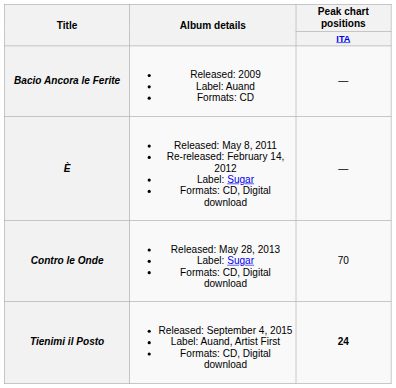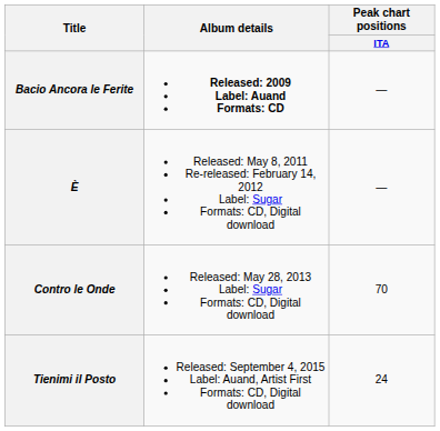 <table class="wikitable plainrowheaders" style="text-align:center;">
 <tr>
 <th scope="col" rowspan="2" style="width:12em;">Title</th>
 <th scope="col" rowspan="2" style="width:16em;">Album details</th>
 <th scope="col" colspan="1">Peak chart positions</th>
 </tr>
 <tr>
 <th scope="col" rowspan="1" style="width:10em;font-size:90%;"><a href='#'>ITA</a></th>
 </tr>
 <tr>
 <th scope="row"><em>Bacio Ancora le Ferite</em></th>
-<td><br><ul><li>Released: 2009</li><li>Label: Auand</li><li>Formats: CD</li></ul></td>
+<td><strong><br><ul><li>Released: 2009</li><li>Label: Auand</li><li>Formats: CD</li></ul></strong></td>
 <td>—</td>
 </tr>
 <tr>
 <th scope="row"><em>È</em></th>
 <td><br><ul><li>Released: May 8, 2011</li><li>Re-released: February 14, 2012</li><li>Label: <a href='#'>Sugar</a></li><li>Formats: CD, Digital download</li></ul></td>
 <td>—</td>
 </tr>
 <tr>
 <th scope="row"><em>Contro le Onde</em></th>
 <td><br><ul><li>Released: May 28, 2013</li><li>Label: <a href='#'>Sugar</a></li><li>Formats: CD, Digital download</li></ul></td>
 <td>70</td>
 </tr>
 <tr>
 <th scope="row"><em>Tienimi il Posto</em></th>
 <td><br><ul><li>Released: September 4, 2015</li><li>Label: Auand, Artist First</li><li>Formats: CD, Digital download</li></ul></td>
-<td><strong>24</strong></td>
+<td>24</td>
 </tr>
 </table>
